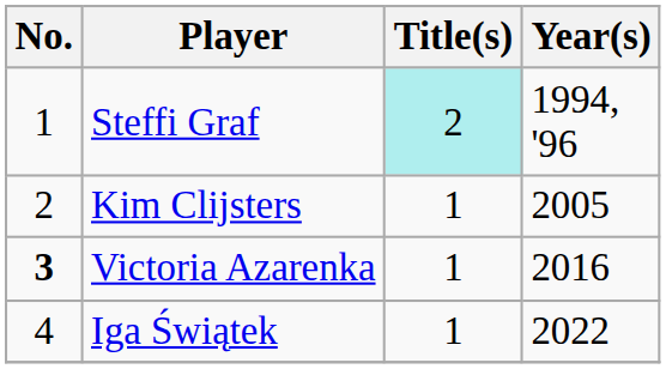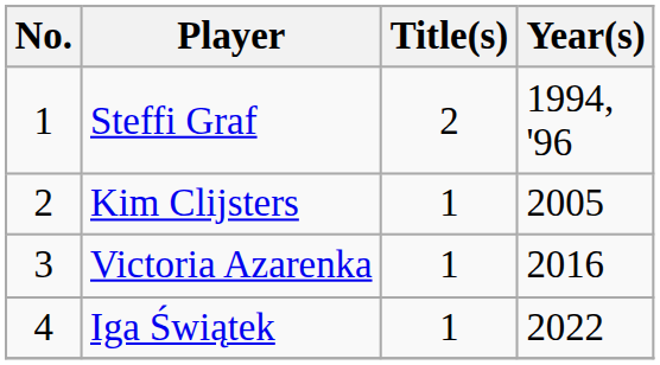 <table class="wikitable nowrap sortable">
 <tr>
 <th>No.</th>
 <th>Player</th>
 <th>Title(s)</th>
 <th width=40>Year(s)</th>
 </tr>
 <tr>
 <td align="center">1</td>
 <td> <a href='#'>Steffi Graf</a></td>
-<td align="center" style="background: paleturquoise;">2</td>
+<td align="center">2</td>
 <td>1994, '96</td>
 </tr>
 <tr>
 <td align="center">2</td>
 <td> <a href='#'>Kim Clijsters</a></td>
 <td align="center">1</td>
 <td>2005</td>
 </tr>
 <tr>
-<td align="center"><strong>3</strong></td>
+<td align="center">3</td>
 <td> <a href='#'>Victoria Azarenka</a></td>
 <td align="center">1</td>
 <td>2016</td>
 </tr>
 <tr>
 <td align="center">4</td>
 <td> <a href='#'>Iga Świątek</a></td>
 <td align="center">1</td>
 <td>2022</td>
 </tr>
 <tr>
 </tr>
 </table>
